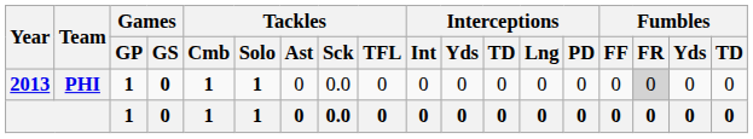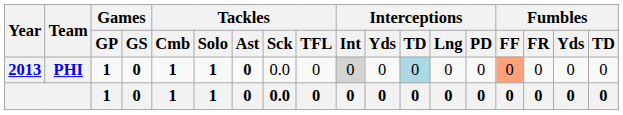 <table class="wikitable" style="text-align:center">
 <tr>
 <th rowspan="2">Year</th>
 <th rowspan="2">Team</th>
 <th colspan="2">Games</th>
 <th colspan="5">Tackles</th>
 <th colspan="5">Interceptions</th>
 <th colspan="4">Fumbles</th>
 </tr>
 <tr>
 <th>GP</th>
 <th>GS</th>
 <th>Cmb</th>
 <th>Solo</th>
 <th>Ast</th>
 <th>Sck</th>
 <th>TFL</th>
 <th>Int</th>
 <th>Yds</th>
 <th>TD</th>
 <th>Lng</th>
 <th>PD</th>
 <th>FF</th>
 <th>FR</th>
 <th>Yds</th>
 <th>TD</th>
 </tr>
 <tr>
 <th><a href='#'>2013</a></th>
 <th><a href='#'>PHI</a></th>
 <td><strong>1</strong></td>
 <td><strong>0</strong></td>
 <td><strong>1</strong></td>
 <td><strong>1</strong></td>
-<td>0</td>
+<td><strong>0</strong></td>
 <td>0.0</td>
 <td>0</td>
+<td style="background: lightgrey;">0</td>
+<td>0</td>
+<td style="background: lightblue;">0</td>
 <td>0</td>
 <td>0</td>
+<td style="background: lightsalmon;">0</td>
 <td>0</td>
-<td>0</td>
-<td>0</td>
-<td>0</td>
-<td style="background: lightgrey;">0</td>
 <td>0</td>
 <td>0</td>
 </tr>
 <tr>
 <th colspan="2"></th>
 <th>1</th>
 <th>0</th>
 <th>1</th>
 <th>1</th>
 <th>0</th>
 <th>0.0</th>
 <th>0</th>
 <th>0</th>
 <th>0</th>
 <th>0</th>
 <th>0</th>
 <th>0</th>
 <th>0</th>
 <th>0</th>
 <th>0</th>
 <th>0</th>
 </tr>
 </table>
